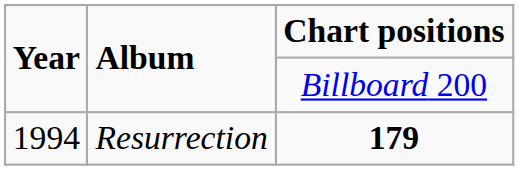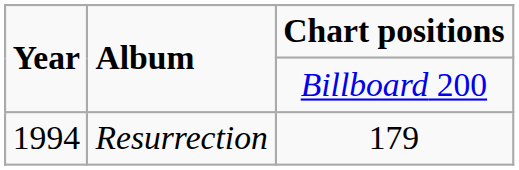 <table class="wikitable">
 <tr>
 <td rowspan="2"><strong>Year</strong></td>
 <td rowspan="2"><strong>Album</strong></td>
 <td colspan="2"><strong>Chart positions</strong></td>
 </tr>
 <tr>
 <td style="text-align:center; vertical-align:top;"><a href='#'><em>Billboard</em> 200</a></td>
 </tr>
 <tr>
 <td>1994</td>
 <td><em>Resurrection</em></td>
-<td style="text-align:center; vertical-align:top;"><strong>179</strong></td>
+<td style="text-align:center; vertical-align:top;">179</td>
 </tr>
 </table>
